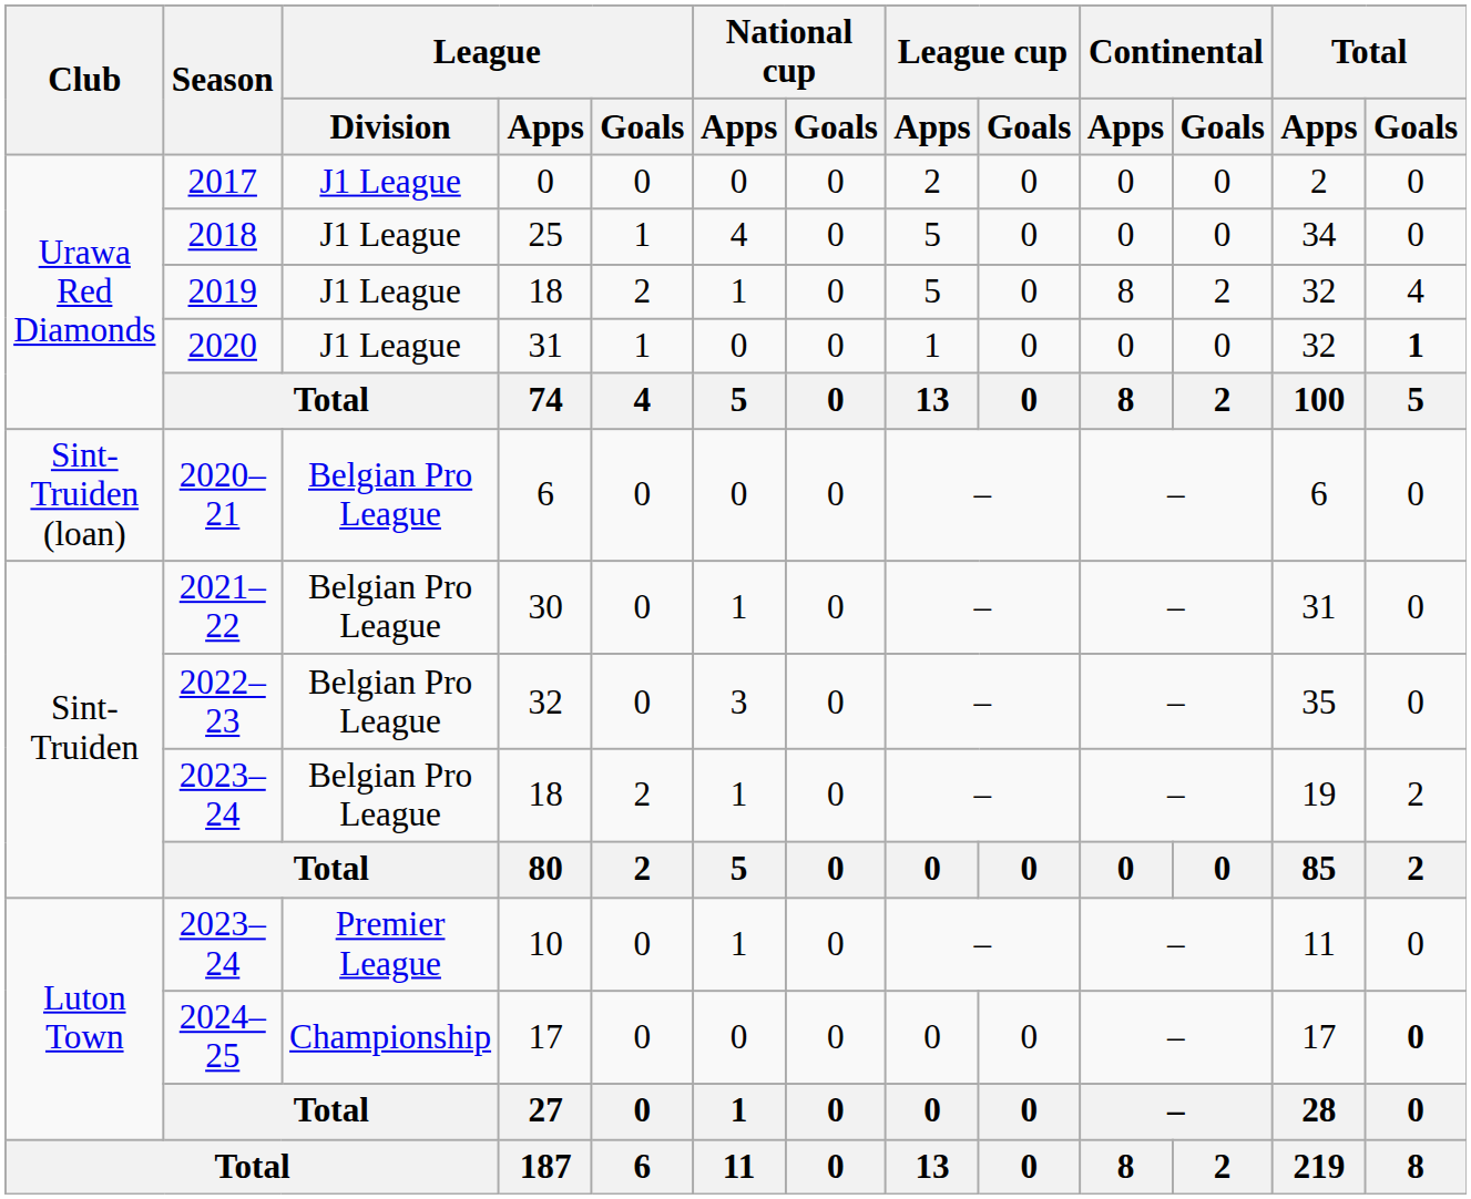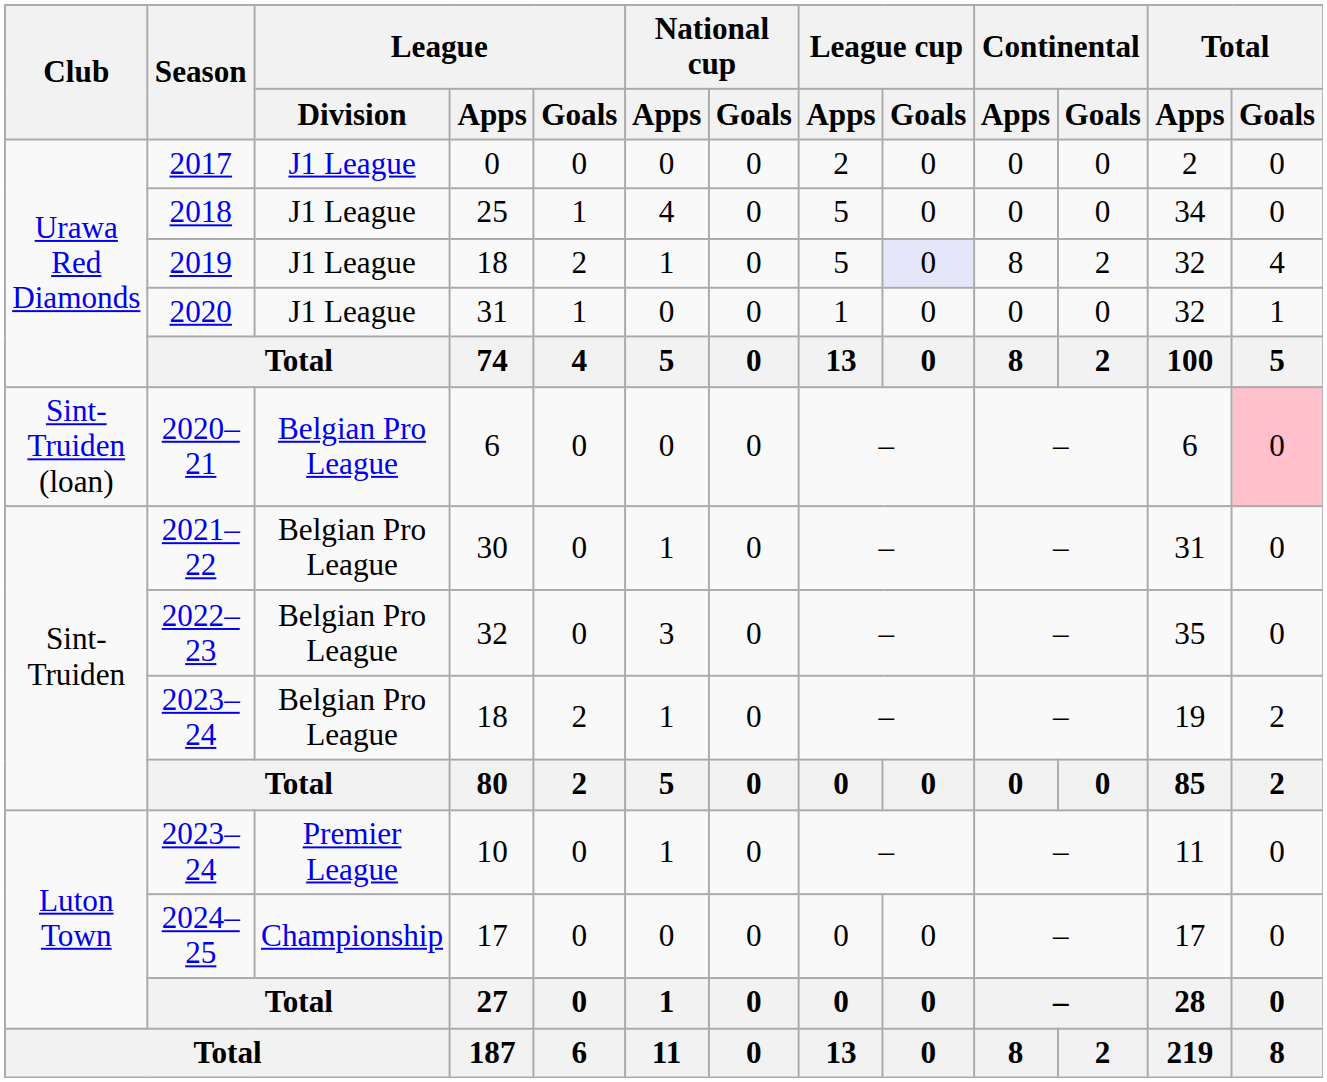 <table class="wikitable" style="text-align: center;">
 <tr>
 <th rowspan="2">Club</th>
 <th rowspan="2">Season</th>
 <th colspan="3">League</th>
 <th colspan="2">National cup</th>
 <th colspan="2">League cup</th>
 <th colspan="2">Continental</th>
 <th colspan="2">Total</th>
 </tr>
 <tr>
 <th>Division</th>
 <th>Apps</th>
 <th>Goals</th>
 <th>Apps</th>
 <th>Goals</th>
 <th>Apps</th>
 <th>Goals</th>
 <th>Apps</th>
 <th>Goals</th>
 <th>Apps</th>
 <th>Goals</th>
 </tr>
 <tr>
 <td rowspan="5"><a href='#'>Urawa Red Diamonds</a></td>
 <td><a href='#'>2017</a></td>
 <td><a href='#'>J1 League</a></td>
 <td>0</td>
 <td>0</td>
 <td>0</td>
 <td>0</td>
 <td>2</td>
 <td>0</td>
 <td>0</td>
 <td>0</td>
 <td>2</td>
 <td>0</td>
 </tr>
 <tr>
 <td><a href='#'>2018</a></td>
 <td>J1 League</td>
 <td>25</td>
 <td>1</td>
 <td>4</td>
 <td>0</td>
 <td>5</td>
 <td>0</td>
 <td>0</td>
 <td>0</td>
 <td>34</td>
 <td>0</td>
 </tr>
 <tr>
 <td><a href='#'>2019</a></td>
 <td>J1 League</td>
 <td>18</td>
 <td>2</td>
 <td>1</td>
 <td>0</td>
 <td>5</td>
-<td>0</td>
+<td style="background: lavender;">0</td>
 <td>8</td>
 <td>2</td>
 <td>32</td>
 <td>4</td>
 </tr>
 <tr>
 <td><a href='#'>2020</a></td>
 <td>J1 League</td>
 <td>31</td>
 <td>1</td>
 <td>0</td>
 <td>0</td>
 <td>1</td>
 <td>0</td>
 <td>0</td>
 <td>0</td>
 <td>32</td>
-<td><strong>1</strong></td>
+<td>1</td>
 </tr>
 <tr>
 <th colspan="2">Total</th>
 <th>74</th>
 <th>4</th>
 <th>5</th>
 <th>0</th>
 <th>13</th>
 <th>0</th>
 <th>8</th>
 <th>2</th>
 <th>100</th>
 <th>5</th>
 </tr>
 <tr>
 <td><a href='#'>Sint-Truiden</a> (loan)</td>
 <td><a href='#'>2020–21</a></td>
 <td><a href='#'>Belgian Pro League</a></td>
 <td>6</td>
 <td>0</td>
 <td>0</td>
 <td>0</td>
 <td colspan="2">–</td>
 <td colspan="2">–</td>
 <td>6</td>
-<td>0</td>
+<td style="background: pink;">0</td>
 </tr>
 <tr>
 <td rowspan="4">Sint-Truiden</td>
 <td><a href='#'>2021–22</a></td>
 <td>Belgian Pro League</td>
 <td>30</td>
 <td>0</td>
 <td>1</td>
 <td>0</td>
 <td colspan="2">–</td>
 <td colspan="2">–</td>
 <td>31</td>
 <td>0</td>
 </tr>
 <tr>
 <td><a href='#'>2022–23</a></td>
 <td>Belgian Pro League</td>
 <td>32</td>
 <td>0</td>
 <td>3</td>
 <td>0</td>
 <td colspan="2">–</td>
 <td colspan="2">–</td>
 <td>35</td>
 <td>0</td>
 </tr>
 <tr>
 <td><a href='#'>2023–24</a></td>
 <td>Belgian Pro League</td>
 <td>18</td>
 <td>2</td>
 <td>1</td>
 <td>0</td>
 <td colspan="2">–</td>
 <td colspan="2">–</td>
 <td>19</td>
 <td>2</td>
 </tr>
 <tr>
 <th colspan="2">Total</th>
 <th>80</th>
 <th>2</th>
 <th>5</th>
 <th>0</th>
 <th>0</th>
 <th>0</th>
 <th>0</th>
 <th>0</th>
 <th>85</th>
 <th>2</th>
 </tr>
 <tr>
 <td rowspan="3"><a href='#'>Luton Town</a></td>
 <td><a href='#'>2023–24</a></td>
 <td><a href='#'>Premier League</a></td>
 <td>10</td>
 <td>0</td>
 <td>1</td>
 <td>0</td>
 <td colspan="2">–</td>
 <td colspan="2">–</td>
 <td>11</td>
 <td>0</td>
 </tr>
 <tr>
 <td><a href='#'>2024–25</a></td>
 <td><a href='#'>Championship</a></td>
 <td>17</td>
 <td>0</td>
 <td>0</td>
 <td>0</td>
 <td>0</td>
 <td>0</td>
 <td colspan="2">–</td>
 <td>17</td>
-<td><strong>0</strong></td>
+<td>0</td>
 </tr>
 <tr>
 <th colspan="2">Total</th>
 <th>27</th>
 <th>0</th>
 <th>1</th>
 <th>0</th>
 <th>0</th>
 <th>0</th>
 <th colspan="2">–</th>
 <th>28</th>
 <th>0</th>
 </tr>
 <tr>
 <th colspan="3">Total</th>
 <th>187</th>
 <th>6</th>
 <th>11</th>
 <th>0</th>
 <th>13</th>
 <th>0</th>
 <th>8</th>
 <th>2</th>
 <th>219</th>
 <th>8</th>
 </tr>
 </table>
